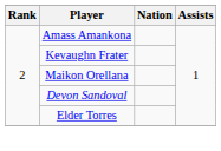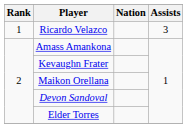 <table class="wikitable" style="font-size: 95%; text-align: center;">
 <tr>
 </tr>
 <tr>
 <th>Rank</th>
 <th>Player</th>
 <th>Nation</th>
 <th>Assists</th>
+</tr>
+<tr>
+<td>1</td>
+<td><a href='#'>Ricardo Velazco</a></td>
+<td></td>
+<td>3</td>
 </tr>
 <tr>
 <td rowspan="5">2</td>
 <td><a href='#'>Amass Amankona</a></td>
 <td></td>
 <td rowspan="5">1</td>
 </tr>
 <tr>
 <td><a href='#'>Kevaughn Frater</a></td>
 <td></td>
 </tr>
 <tr>
 <td><a href='#'>Maikon Orellana</a></td>
 <td></td>
 </tr>
 <tr>
 <td><em><a href='#'>Devon Sandoval</a></em></td>
 <td></td>
 </tr>
 <tr>
 <td><a href='#'>Elder Torres</a></td>
 <td></td>
 </tr>
 <tr>
 </tr>
 </table>
